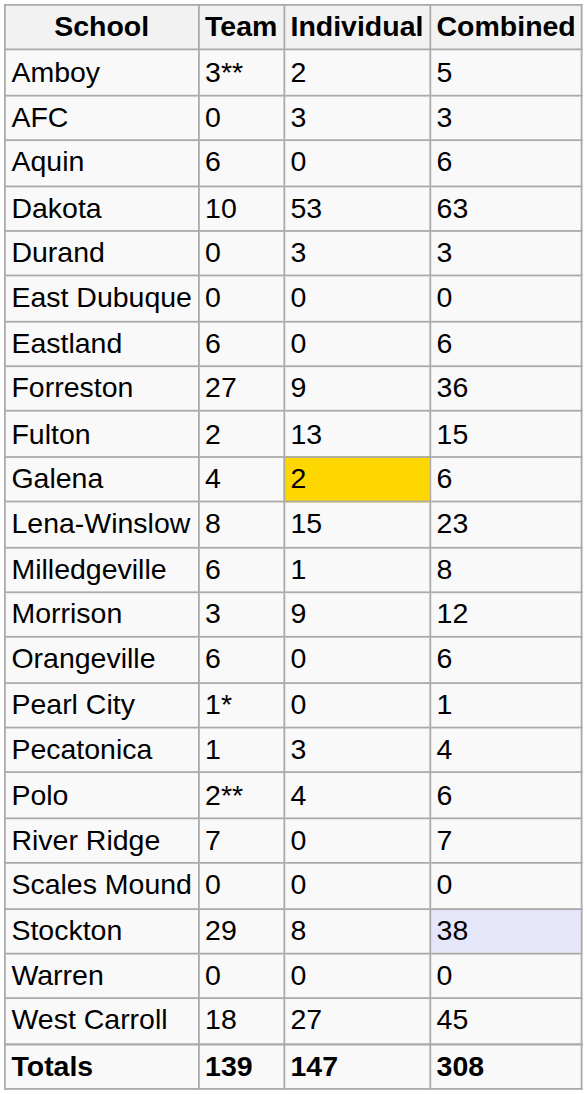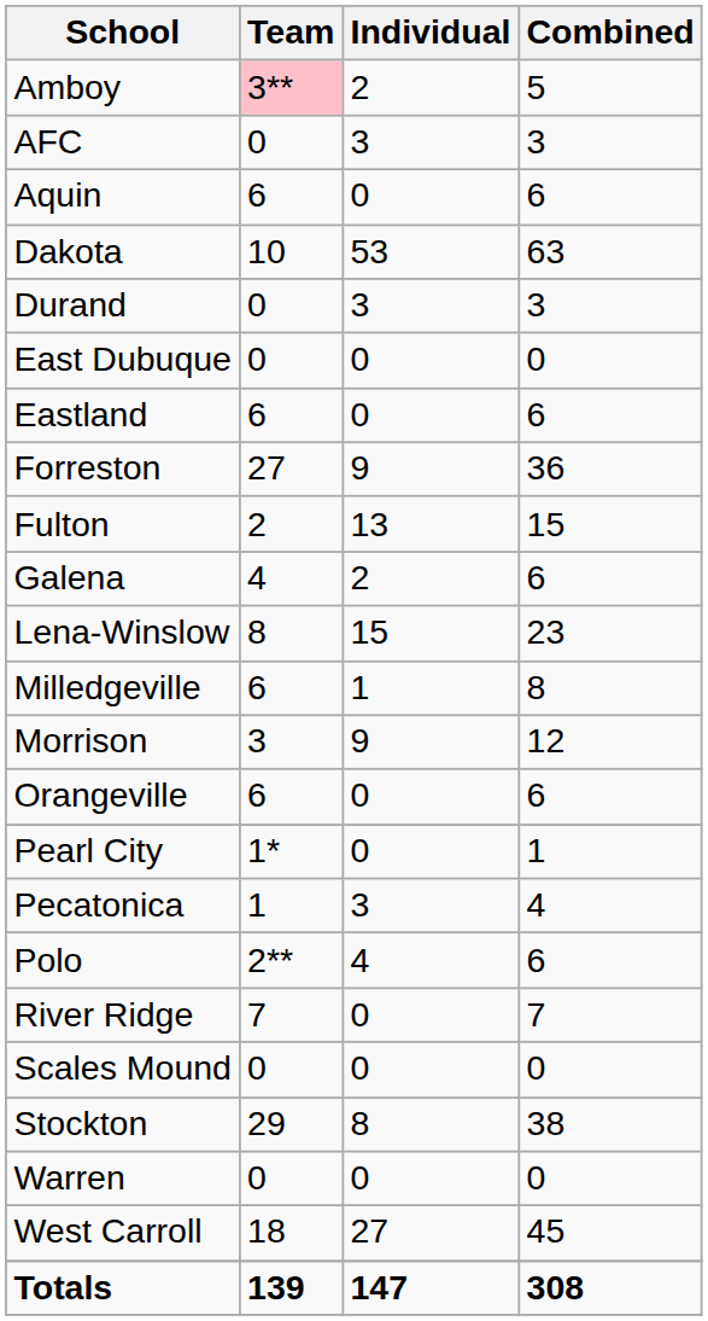 <table class="wikitable sortable" style="font-size:100%;">
 <tr>
 <th><strong>School</strong></th>
 <th><strong>Team</strong></th>
 <th><strong>Individual</strong></th>
 <th><strong>Combined</strong></th>
 </tr>
 <tr>
 <td>Amboy</td>
-<td>3**</td>
+<td style="background: pink;">3**</td>
 <td>2</td>
 <td>5</td>
 </tr>
 <tr>
 <td>AFC</td>
 <td>0</td>
 <td>3</td>
 <td>3</td>
 </tr>
 <tr>
 <td>Aquin</td>
 <td>6</td>
 <td>0</td>
 <td>6</td>
 </tr>
 <tr>
 <td>Dakota</td>
 <td>10</td>
 <td>53</td>
 <td>63</td>
 </tr>
 <tr |>
 <td>Durand</td>
 <td>0</td>
 <td>3</td>
 <td>3</td>
 </tr>
 <tr>
 <td>East Dubuque</td>
 <td>0</td>
 <td>0</td>
 <td>0</td>
 </tr>
 <tr>
 <td>Eastland</td>
 <td>6</td>
 <td>0</td>
 <td>6</td>
 </tr>
 <tr>
 <td>Forreston</td>
 <td>27</td>
 <td>9</td>
 <td>36</td>
 </tr>
 <tr>
 <td>Fulton</td>
 <td>2</td>
 <td>13</td>
 <td>15</td>
 </tr>
 <tr>
 <td>Galena</td>
 <td>4</td>
-<td style="background: gold;">2</td>
+<td>2</td>
 <td>6</td>
 </tr>
 <tr>
 <td>Lena-Winslow</td>
 <td>8</td>
 <td>15</td>
 <td>23</td>
 </tr>
 <tr>
 <td>Milledgeville</td>
 <td>6</td>
 <td>1</td>
 <td>8</td>
 </tr>
 <tr>
 <td>Morrison</td>
 <td>3</td>
 <td>9</td>
 <td>12</td>
 </tr>
 <tr>
 <td>Orangeville</td>
 <td>6</td>
 <td>0</td>
 <td>6</td>
 </tr>
 <tr>
 <td>Pearl City</td>
 <td>1*</td>
 <td>0</td>
 <td>1</td>
 </tr>
 <tr>
 <td>Pecatonica</td>
 <td>1</td>
 <td>3</td>
 <td>4</td>
 </tr>
 <tr>
 <td>Polo</td>
 <td>2**</td>
 <td>4</td>
 <td>6</td>
 </tr>
 <tr>
 <td>River Ridge</td>
 <td>7</td>
 <td>0</td>
 <td>7</td>
 </tr>
 <tr>
 <td>Scales Mound</td>
 <td>0</td>
 <td>0</td>
 <td>0</td>
 </tr>
 <tr>
 <td>Stockton</td>
 <td>29</td>
 <td>8</td>
-<td style="background: lavender;">38</td>
+<td>38</td>
 </tr>
 <tr>
 <td>Warren</td>
 <td>0</td>
 <td>0</td>
 <td>0</td>
 </tr>
 <tr>
 <td>West Carroll</td>
 <td>18</td>
 <td>27</td>
 <td>45</td>
 </tr>
 <tr>
 </tr>
 <tr class="sortbottom">
 <td><strong>Totals</strong></td>
 <td><strong>139</strong></td>
 <td><strong>147</strong></td>
 <td><strong>308</strong></td>
 </tr>
 </table>
